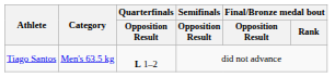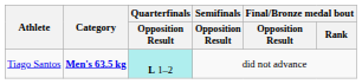 <table class="wikitable" style="text-align:center; font-size:90%">
 <tr>
 <th rowspan=2>Athlete</th>
 <th rowspan=2>Category</th>
 <th>Quarterfinals</th>
 <th>Semifinals</th>
 <th colspan=2>Final/Bronze medal bout</th>
 </tr>
 <tr style="font-size:95%">
 <th>Opposition<br>Result</th>
 <th>Opposition<br>Result</th>
 <th>Opposition<br>Result</th>
 <th>Rank</th>
 </tr>
 <tr>
 <td align=left><a href='#'>Tiago Santos</a></td>
-<td align=left><a href='#'>Men's 63.5 kg</a></td>
-<td><br> <strong>L</strong> 1–2</td>
+<td align=left><strong><a href='#'>Men's 63.5 kg</a></strong></td>
+<td style="background: paleturquoise;"><br> <strong>L</strong> 1–2</td>
 <td colspan=3>did not advance</td>
 </tr>
 </table>
